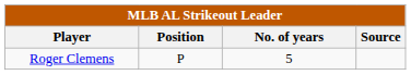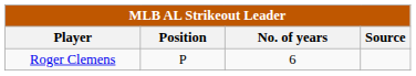 <table class="wikitable" style="text-align:center">
 <tr>
 <td colspan="5" style= "background: #BF5700; color:white"><strong>MLB AL Strikeout Leader</strong></td>
 </tr>
 <tr>
 <th style="width:150px; ">Player</th>
 <th style="width:90px; ">Position</th>
 <th style="width:150px; ">No. of years</th>
 <th style="width:50px; ">Source</th>
 </tr>
 <tr>
 <td><a href='#'>Roger Clemens</a></td>
 <td>P</td>
-<td>5</td>
+<td>6</td>
 <td></td>
 </tr>
 </table>
